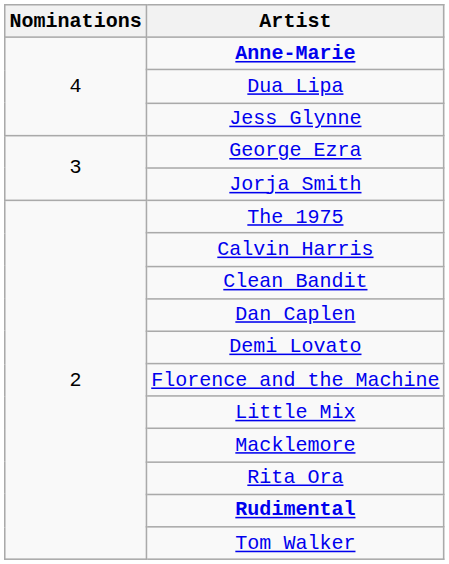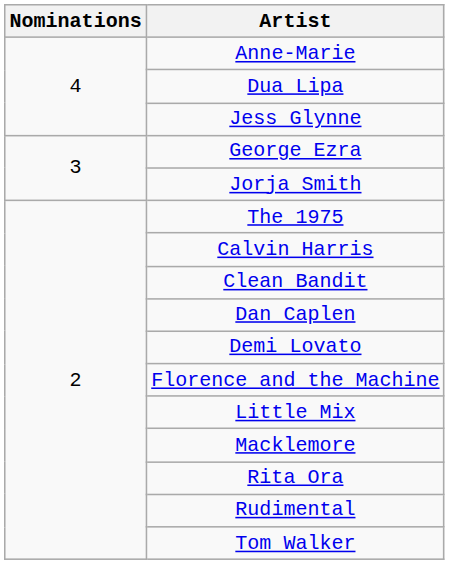 <table class="wikitable plainrowheaders" style="text-align:center;">
 <tr>
 <th scope="col" style="width:55px;">Nominations</th>
 <th scope="col" style="text-align:center;">Artist</th>
 </tr>
 <tr>
 <td scope=row rowspan="3" style="text-align:center">4</td>
-<td><strong><a href='#'>Anne-Marie</a></strong></td>
+<td><a href='#'>Anne-Marie</a></td>
 </tr>
 <tr>
 <td><a href='#'>Dua Lipa</a></td>
 </tr>
 <tr>
 <td><a href='#'>Jess Glynne</a></td>
 </tr>
 <tr>
 <td scope=row rowspan="2" style="text-align:center">3</td>
 <td><a href='#'>George Ezra</a></td>
 </tr>
 <tr>
 <td><a href='#'>Jorja Smith</a></td>
 </tr>
 <tr>
 <td scope=row rowspan="11" style="text-align:center">2</td>
 <td><a href='#'>The 1975</a></td>
 </tr>
 <tr>
 <td><a href='#'>Calvin Harris</a></td>
 </tr>
 <tr>
 <td><a href='#'>Clean Bandit</a></td>
 </tr>
 <tr>
 <td><a href='#'>Dan Caplen</a></td>
 </tr>
 <tr>
 <td><a href='#'>Demi Lovato</a></td>
 </tr>
 <tr>
 <td><a href='#'>Florence and the Machine</a></td>
 </tr>
 <tr>
 <td><a href='#'>Little Mix</a></td>
 </tr>
 <tr>
 <td><a href='#'>Macklemore</a></td>
 </tr>
 <tr>
 <td><a href='#'>Rita Ora</a></td>
 </tr>
 <tr>
-<td><strong><a href='#'>Rudimental</a></strong></td>
+<td><a href='#'>Rudimental</a></td>
 </tr>
 <tr>
 <td><a href='#'>Tom Walker</a></td>
 </tr>
 </table>
